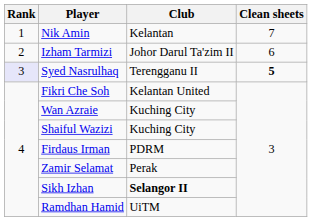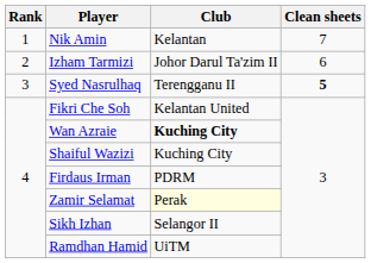 <table class="wikitable" style="text-align:center">
 <tr>
 <th>Rank</th>
 <th>Player</th>
 <th>Club</th>
 <th>Clean sheets</th>
 </tr>
 <tr>
 <td>1</td>
 <td style="text-align:left;"> <a href='#'>Nik Amin</a></td>
 <td style="text-align:left;">Kelantan</td>
 <td>7</td>
 </tr>
 <tr>
 <td>2</td>
 <td style="text-align:left;"> <a href='#'>Izham Tarmizi</a></td>
 <td style="text-align:left;">Johor Darul Ta'zim II</td>
 <td>6</td>
 </tr>
 <tr>
-<td style="background: lavender;">3</td>
+<td>3</td>
 <td style="text-align:left;"> <a href='#'>Syed Nasrulhaq</a></td>
 <td style="text-align:left;">Terengganu II</td>
 <td><strong>5</strong></td>
 </tr>
 <tr>
 <td rowspan="7">4</td>
 <td style="text-align:left;"> <a href='#'>Fikri Che Soh</a></td>
 <td style="text-align:left;">Kelantan United</td>
 <td rowspan="7">3</td>
 </tr>
 <tr>
 <td style="text-align:left;"> <a href='#'>Wan Azraie</a></td>
-<td style="text-align:left;">Kuching City</td>
+<td style="text-align:left;"><strong>Kuching City</strong></td>
 </tr>
 <tr>
 <td style="text-align:left;"> <a href='#'>Shaiful Wazizi</a></td>
 <td style="text-align:left;">Kuching City</td>
 </tr>
 <tr>
 <td style="text-align:left;"> <a href='#'>Firdaus Irman</a></td>
 <td style="text-align:left;">PDRM</td>
 </tr>
 <tr>
 <td style="text-align:left;"> <a href='#'>Zamir Selamat</a></td>
-<td style="text-align:left;">Perak</td>
+<td style="background: lightyellow; text-align:left;">Perak</td>
 </tr>
 <tr>
 <td style="text-align:left;"> <a href='#'>Sikh Izhan</a></td>
-<td style="text-align:left;"><strong>Selangor II</strong></td>
+<td style="text-align:left;">Selangor II</td>
 </tr>
 <tr>
 <td style="text-align:left;"> <a href='#'>Ramdhan Hamid</a></td>
 <td style="text-align:left;">UiTM</td>
 </tr>
 </table>
